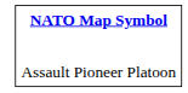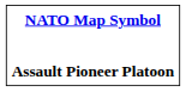 <table style="border:1px solid black; background:white;float: right;text-align: center" cellpadding="3">
 <tr>
 <th><a href='#'>NATO Map Symbol</a></th>
 </tr>
 <tr>
 <td><br></td>
 </tr>
 <tr>
-<td>Assault Pioneer Platoon</td>
+<td><strong>Assault Pioneer Platoon</strong></td>
 </tr>
 </table>
